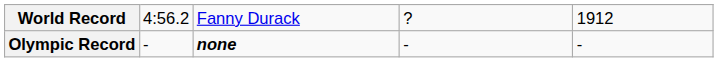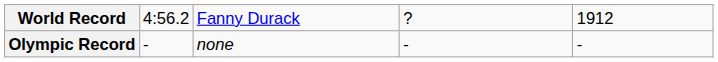 <table class="wikitable" style="font-size:95%;">
 <tr>
 <th>World Record</th>
 <td>4:56.2</td>
 <td style="width:12em"> <a href='#'>Fanny Durack</a></td>
 <td style="width:10em">?</td>
 <td style="width:8em">1912</td>
 </tr>
 <tr>
 <th>Olympic Record</th>
 <td>-</td>
-<td><strong><em>none</em></strong></td>
+<td><em>none</em></td>
 <td>-</td>
 <td>-</td>
 </tr>
 </table>
